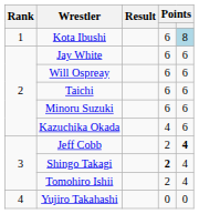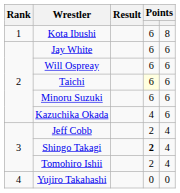 <table class="wikitable mw-collapsible mw-collapsed" plainrowheaders sortable" style="text-align: center">
 <tr>
 <th scope="col" rowspan="2">Rank</th>
 <th scope="col" rowspan="2">Wrestler</th>
 <th scope="col" rowspan="2">Result</th>
 <th scope="col" colspan="2">Points</th>
 </tr>
 <tr>
 <th></th>
 <th></th>
 </tr>
 <tr>
 <td>1</td>
 <td><a href='#'>Kota Ibushi</a></td>
 <td></td>
 <td>6</td>
-<td style="background: lightblue;">8</td>
+<td>8</td>
 </tr>
 <tr>
 <td rowspan="5">2</td>
 <td><a href='#'>Jay White</a></td>
 <td></td>
 <td>6</td>
 <td>6</td>
 </tr>
 <tr>
 <td><a href='#'>Will Ospreay</a></td>
 <td></td>
 <td>6</td>
 <td>6</td>
 </tr>
 <tr>
 <td><a href='#'>Taichi</a></td>
 <td></td>
-<td>6</td>
+<td style="background: lightyellow;">6</td>
 <td>6</td>
 </tr>
 <tr>
 <td><a href='#'>Minoru Suzuki</a></td>
 <td></td>
 <td>6</td>
 <td>6</td>
 </tr>
 <tr>
 <td><a href='#'>Kazuchika Okada</a></td>
 <td></td>
 <td>4</td>
 <td>6</td>
 </tr>
 <tr>
 <td rowspan="3">3</td>
 <td><a href='#'>Jeff Cobb</a></td>
 <td></td>
 <td>2</td>
-<td><strong>4</strong></td>
+<td>4</td>
 </tr>
 <tr>
 <td><a href='#'>Shingo Takagi</a></td>
 <td></td>
 <td><strong>2</strong></td>
 <td>4</td>
 </tr>
 <tr>
 <td><a href='#'>Tomohiro Ishii</a></td>
 <td></td>
 <td>2</td>
 <td>4</td>
 </tr>
 <tr>
 <td>4</td>
 <td><a href='#'>Yujiro Takahashi</a></td>
 <td></td>
 <td>0</td>
 <td>0</td>
 </tr>
 </table>
